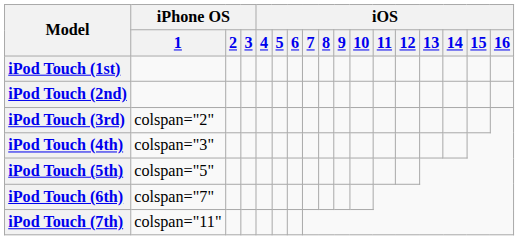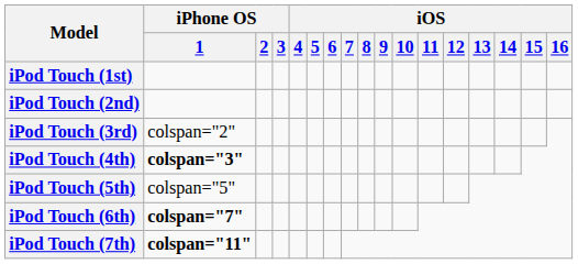 <table class="wikitable">
 <tr>
 <th scope="col" rowspan="2">Model</th>
 <th scope="colgroup" colspan="3">iPhone OS</th>
 <th scope="colgroup" colspan="15">iOS</th>
 </tr>
 <tr>
 <th scope="col"><a href='#'>1</a></th>
 <th scope="col"><a href='#'>2</a></th>
 <th scope="col"><a href='#'>3</a></th>
 <th scope="col"><a href='#'>4</a></th>
 <th scope="col"><a href='#'>5</a></th>
 <th scope="col"><a href='#'>6</a></th>
 <th scope="col"><a href='#'>7</a></th>
 <th scope="col"><a href='#'>8</a></th>
 <th scope="col"><a href='#'>9</a></th>
 <th scope="col"><a href='#'>10</a></th>
 <th scope="col"><a href='#'>11</a></th>
 <th scope="col"><a href='#'>12</a></th>
 <th scope="col"><a href='#'>13</a></th>
 <th scope="col"><a href='#'>14</a></th>
 <th scope="col"><a href='#'>15</a></th>
 <th scope="col"><a href='#'>16</a></th>
 </tr>
 <tr>
 <th scope="row" style="text-align: left"><a href='#'>iPod Touch (1st)</a></th>
 <td></td>
 <td></td>
 <td></td>
 <td></td>
 <td></td>
 <td></td>
 <td></td>
 <td></td>
 <td></td>
 <td></td>
 <td></td>
 <td></td>
 <td></td>
 <td></td>
 <td></td>
 <td></td>
 </tr>
 <tr>
 <th scope="row" style="text-align: left"><a href='#'>iPod Touch (2nd)</a></th>
 <td></td>
 <td></td>
 <td></td>
 <td></td>
 <td></td>
 <td></td>
 <td></td>
 <td></td>
 <td></td>
 <td></td>
 <td></td>
 <td></td>
 <td></td>
 <td></td>
 <td></td>
 <td></td>
 </tr>
 <tr>
 <th scope="row" style="text-align: left"><a href='#'>iPod Touch (3rd)</a></th>
 <td>colspan="2" </td>
 <td></td>
 <td></td>
 <td></td>
 <td></td>
 <td></td>
 <td></td>
 <td></td>
 <td></td>
 <td></td>
 <td></td>
 <td></td>
 <td></td>
 <td></td>
 <td></td>
 </tr>
 <tr>
 <th scope="row" style="text-align: left"><a href='#'>iPod Touch (4th)</a></th>
-<td>colspan="3" </td>
+<td><strong>colspan="3" </strong></td>
 <td></td>
 <td></td>
 <td></td>
 <td></td>
 <td></td>
 <td></td>
 <td></td>
 <td></td>
 <td></td>
 <td></td>
 <td></td>
 <td></td>
 <td></td>
 </tr>
 <tr>
 <th scope="row" style="text-align: left"><a href='#'>iPod Touch (5th)</a></th>
 <td>colspan="5" </td>
 <td></td>
 <td></td>
 <td></td>
 <td></td>
 <td></td>
 <td></td>
 <td></td>
 <td></td>
 <td></td>
 <td></td>
 <td></td>
 </tr>
 <tr>
 <th scope="row" style="text-align: left"><a href='#'>iPod Touch (6th)</a></th>
-<td>colspan="7" </td>
+<td><strong>colspan="7" </strong></td>
 <td></td>
 <td></td>
 <td></td>
 <td></td>
 <td></td>
 <td></td>
 <td></td>
 <td></td>
 <td></td>
 </tr>
 <tr>
 <th scope="row" style="text-align: left"><a href='#'>iPod Touch (7th)</a></th>
-<td>colspan="11" </td>
+<td><strong>colspan="11" </strong></td>
 <td></td>
 <td></td>
 <td></td>
 <td></td>
 <td></td>
 </tr>
 </table>
